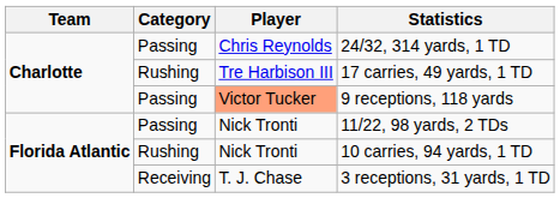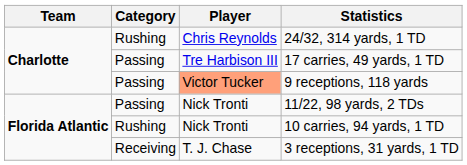 <table class="wikitable" style="float: left;">
 <tr>
 <th>Team</th>
 <th>Category</th>
 <th>Player</th>
 <th>Statistics</th>
 </tr>
 <tr>
 <td rowspan=3><strong>Charlotte</strong></td>
-<td>Passing</td>
+<td>Rushing</td>
 <td><a href='#'>Chris Reynolds</a></td>
 <td>24/32, 314 yards, 1 TD</td>
 </tr>
 <tr>
-<td>Rushing</td>
+<td>Passing</td>
 <td><a href='#'>Tre Harbison III</a></td>
 <td>17 carries, 49 yards, 1 TD</td>
 </tr>
 <tr>
 <td>Passing</td>
 <td style="background: lightsalmon;">Victor Tucker</td>
 <td>9 receptions, 118 yards</td>
 </tr>
 <tr>
 <td rowspan=3><strong>Florida Atlantic</strong></td>
 <td>Passing</td>
 <td>Nick Tronti</td>
 <td>11/22, 98 yards, 2 TDs</td>
 </tr>
 <tr>
 <td>Rushing</td>
 <td>Nick Tronti</td>
 <td>10 carries, 94 yards, 1 TD</td>
 </tr>
 <tr>
 <td>Receiving</td>
 <td>T. J. Chase</td>
 <td>3 receptions, 31 yards, 1 TD</td>
 </tr>
 </table>
